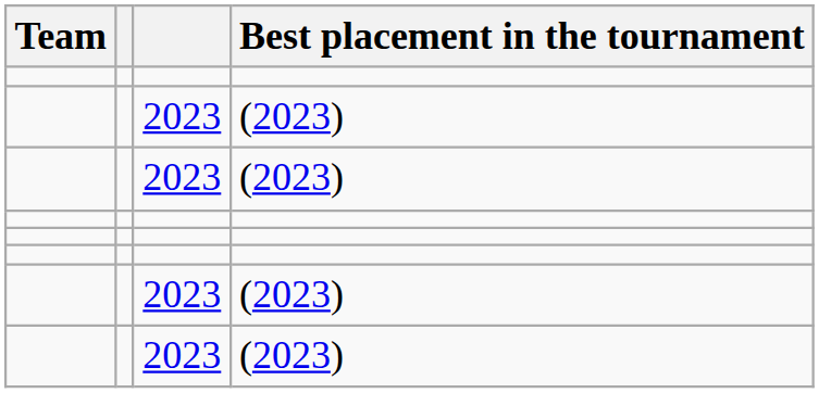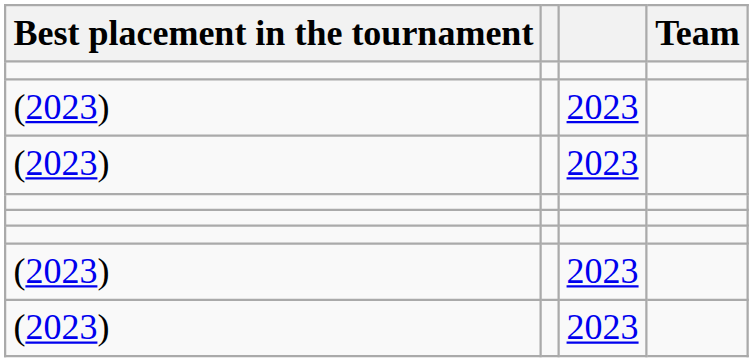 <table class="wikitable sortable">
 <tr>
-<th>Team</th>
+<th>Best placement in the tournament</th>
 <th></th>
 <th></th>
-<th>Best placement in the tournament</th>
+<th>Team</th>
 </tr>
 <tr>
 <td></td>
 <td></td>
 <td></td>
 <td></td>
 </tr>
 <tr>
-<td></td>
+<td> (<a href='#'>2023</a>)</td>
 <td></td>
 <td><a href='#'>2023</a></td>
-<td> (<a href='#'>2023</a>)</td>
+<td></td>
 </tr>
 <tr>
-<td></td>
+<td> (<a href='#'>2023</a>)</td>
 <td></td>
 <td><a href='#'>2023</a></td>
-<td> (<a href='#'>2023</a>)</td>
+<td></td>
 </tr>
 <tr>
 <td></td>
 <td></td>
 <td></td>
 <td></td>
 </tr>
 <tr>
 <td></td>
 <td></td>
 <td></td>
 <td></td>
 </tr>
 <tr>
 <td></td>
 <td></td>
 <td></td>
 <td></td>
 </tr>
 <tr>
-<td></td>
+<td> (<a href='#'>2023</a>)</td>
 <td></td>
 <td><a href='#'>2023</a></td>
-<td> (<a href='#'>2023</a>)</td>
+<td></td>
 </tr>
 <tr>
-<td></td>
+<td> (<a href='#'>2023</a>)</td>
 <td></td>
 <td><a href='#'>2023</a></td>
-<td> (<a href='#'>2023</a>)</td>
+<td></td>
 </tr>
 </table>
